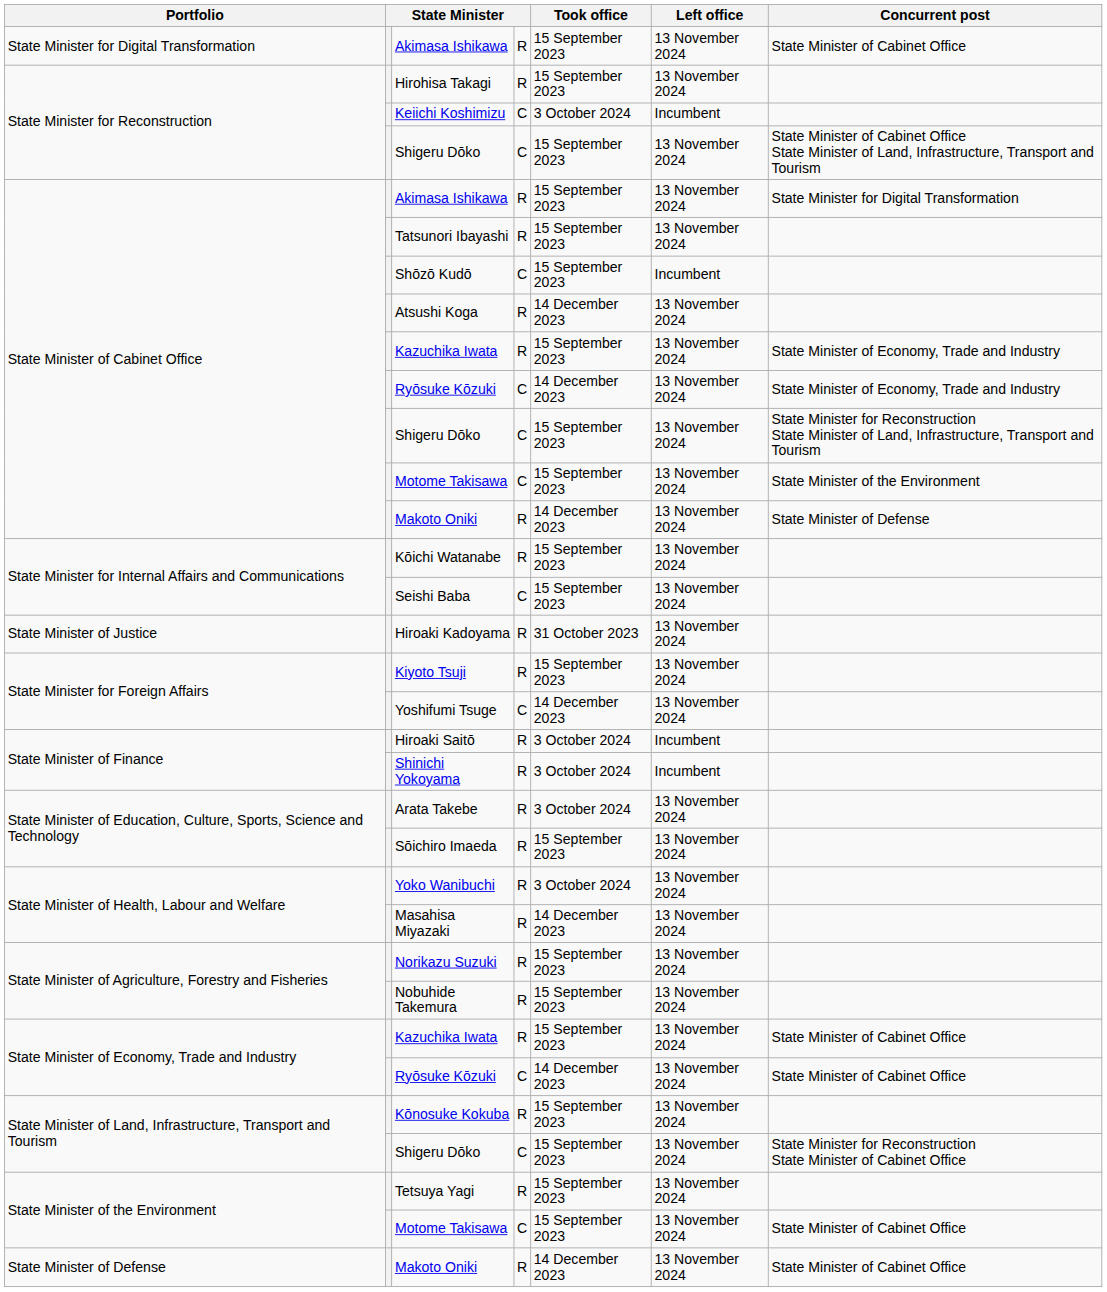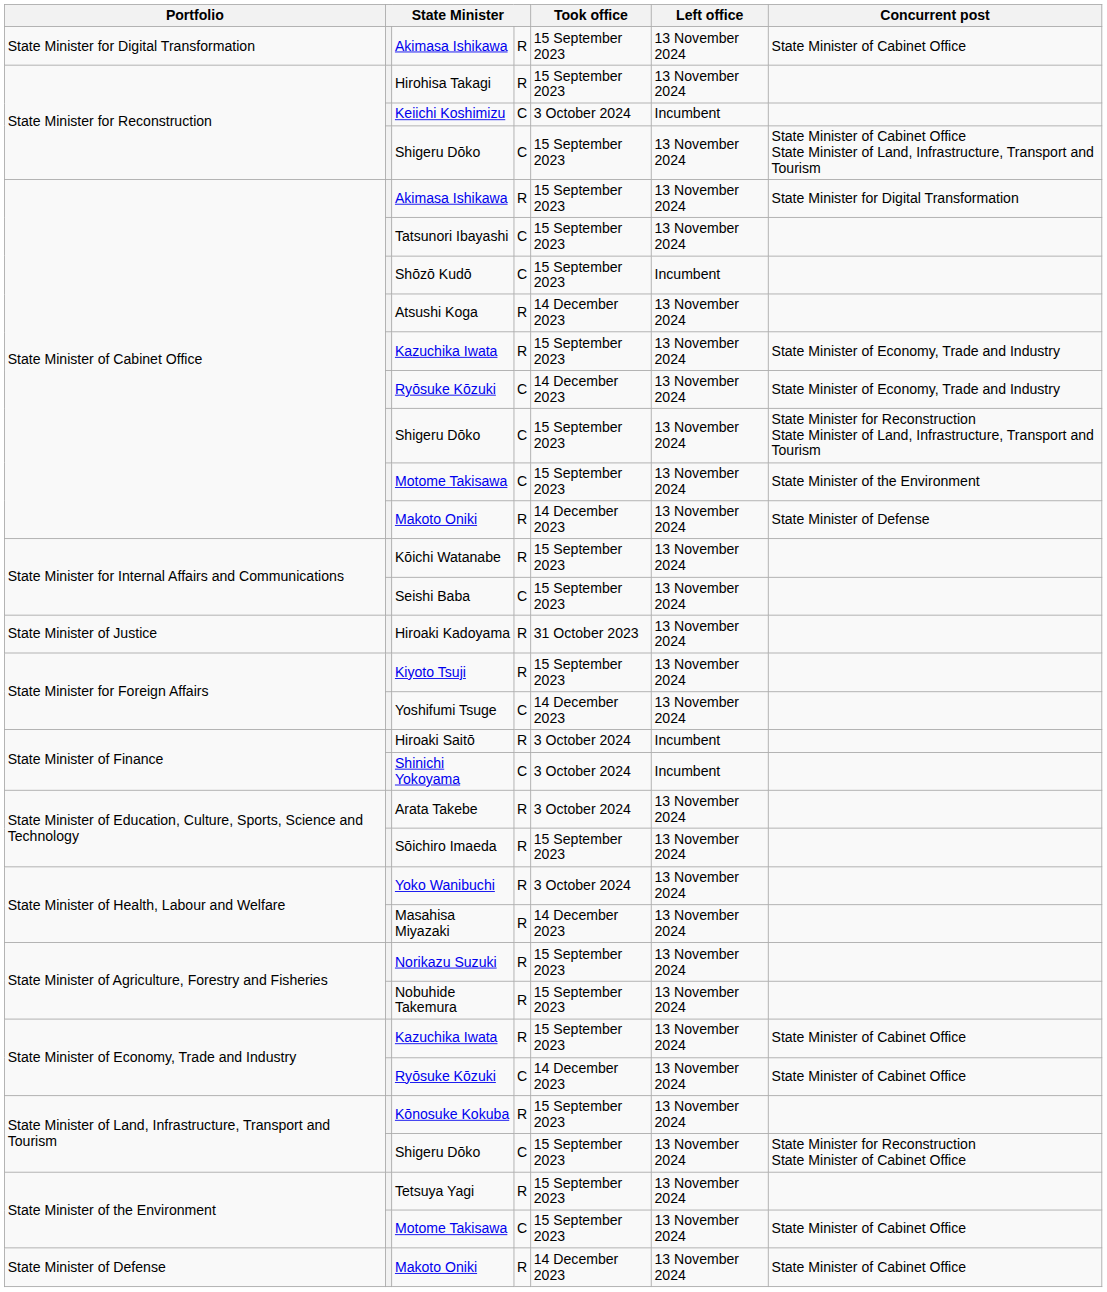 <table class="wikitable">
 <tr>
 <th>Portfolio</th>
 <th colspan="3">State Minister</th>
 <th>Took office</th>
 <th>Left office</th>
 <th>Concurrent post</th>
 </tr>
 <tr>
 <td>State Minister for Digital Transformation</td>
 <th style="color:inherit;background-color: "></th>
 <td><a href='#'>Akimasa Ishikawa</a></td>
 <td>R</td>
 <td>15 September 2023</td>
 <td>13 November 2024</td>
 <td>State Minister of Cabinet Office</td>
 </tr>
 <tr>
 <td rowspan=3>State Minister for Reconstruction</td>
 <th style="color:inherit;background-color: "></th>
 <td>Hirohisa Takagi</td>
 <td>R</td>
 <td>15 September 2023</td>
 <td>13 November 2024</td>
 <td></td>
 </tr>
 <tr>
 <th style="color:inherit;background-color: "></th>
 <td><a href='#'>Keiichi Koshimizu</a></td>
 <td>C</td>
 <td>3 October 2024</td>
 <td>Incumbent</td>
 <td></td>
 </tr>
 <tr>
 <th style="color:inherit;background-color: "></th>
 <td>Shigeru Dōko</td>
 <td>C</td>
 <td>15 September 2023</td>
 <td>13 November 2024</td>
 <td>State Minister of Cabinet Office<br>State Minister of Land, Infrastructure, Transport and Tourism</td>
 </tr>
 <tr>
 <td rowspan=9>State Minister of Cabinet Office</td>
 <th style="color:inherit;background-color: "></th>
 <td><a href='#'>Akimasa Ishikawa</a></td>
 <td>R</td>
 <td>15 September 2023</td>
 <td>13 November 2024</td>
 <td>State Minister for Digital Transformation</td>
 </tr>
 <tr>
 <th style="color:inherit;background-color: "></th>
 <td>Tatsunori Ibayashi</td>
-<td>R</td>
+<td>C</td>
 <td>15 September 2023</td>
 <td>13 November 2024</td>
 <td></td>
 </tr>
 <tr>
 <th style="color:inherit;background-color: "></th>
 <td>Shōzō Kudō</td>
 <td>C</td>
 <td>15 September 2023</td>
 <td>Incumbent</td>
 <td></td>
 </tr>
 <tr>
 <th style="color:inherit;background-color: "></th>
 <td>Atsushi Koga</td>
 <td>R</td>
 <td>14 December 2023</td>
 <td>13 November 2024</td>
 <td></td>
 </tr>
 <tr>
 <th style="color:inherit;background-color: "></th>
 <td><a href='#'>Kazuchika Iwata</a></td>
 <td>R</td>
 <td>15 September 2023</td>
 <td>13 November 2024</td>
 <td>State Minister of Economy, Trade and Industry</td>
 </tr>
 <tr>
 <th style="color:inherit;background-color: "></th>
 <td><a href='#'>Ryōsuke Kōzuki</a></td>
 <td>C</td>
 <td>14 December 2023</td>
 <td>13 November 2024</td>
 <td>State Minister of Economy, Trade and Industry</td>
 </tr>
 <tr>
 <th style="color:inherit;background-color: "></th>
 <td>Shigeru Dōko</td>
 <td>C</td>
 <td>15 September 2023</td>
 <td>13 November 2024</td>
 <td>State Minister for Reconstruction<br>State Minister of Land, Infrastructure, Transport and Tourism</td>
 </tr>
 <tr>
 <th style="color:inherit;background-color: "></th>
 <td><a href='#'>Motome Takisawa</a></td>
 <td>C</td>
 <td>15 September 2023</td>
 <td>13 November 2024</td>
 <td>State Minister of the Environment</td>
 </tr>
 <tr>
 <th style="color:inherit;background-color: "></th>
 <td><a href='#'>Makoto Oniki</a></td>
 <td>R</td>
 <td>14 December 2023</td>
 <td>13 November 2024</td>
 <td>State Minister of Defense</td>
 </tr>
 <tr>
 <td rowspan=2>State Minister for Internal Affairs and Communications</td>
 <th style="color:inherit;background-color: "></th>
 <td>Kōichi Watanabe</td>
 <td>R</td>
 <td>15 September 2023</td>
 <td>13 November 2024</td>
 <td></td>
 </tr>
 <tr>
 <th style="color:inherit;background-color: "></th>
 <td>Seishi Baba</td>
 <td>C</td>
 <td>15 September 2023</td>
 <td>13 November 2024</td>
 <td></td>
 </tr>
 <tr>
 <td>State Minister of Justice</td>
 <th style="color:inherit;background-color: "></th>
 <td>Hiroaki Kadoyama</td>
 <td>R</td>
 <td>31 October 2023</td>
 <td>13 November 2024</td>
 <td></td>
 </tr>
 <tr>
 <td rowspan=2>State Minister for Foreign Affairs</td>
 <th style="color:inherit;background-color: "></th>
 <td><a href='#'>Kiyoto Tsuji</a></td>
 <td>R</td>
 <td>15 September 2023</td>
 <td>13 November 2024</td>
 <td></td>
 </tr>
 <tr>
 <th style="color:inherit;background-color: "></th>
 <td>Yoshifumi Tsuge</td>
 <td>C</td>
 <td>14 December 2023</td>
 <td>13 November 2024</td>
 <td></td>
 </tr>
 <tr>
 <td rowspan=2>State Minister of Finance</td>
 <th style="color:inherit;background-color: "></th>
 <td>Hiroaki Saitō</td>
 <td>R</td>
 <td>3 October 2024</td>
 <td>Incumbent</td>
 <td></td>
 </tr>
 <tr>
 <th style="color:inherit;background-color: "></th>
 <td><a href='#'>Shinichi Yokoyama</a></td>
-<td>R</td>
+<td>C</td>
 <td>3 October 2024</td>
 <td>Incumbent</td>
 <td></td>
 </tr>
 <tr>
 <td rowspan=2>State Minister of Education, Culture, Sports, Science and Technology</td>
 <th style="color:inherit;background-color: "></th>
 <td>Arata Takebe</td>
 <td>R</td>
 <td>3 October 2024</td>
 <td>13 November 2024</td>
 <td></td>
 </tr>
 <tr>
 <th style="color:inherit;background-color: "></th>
 <td>Sōichiro Imaeda</td>
 <td>R</td>
 <td>15 September 2023</td>
 <td>13 November 2024</td>
 <td></td>
 </tr>
 <tr>
 <td rowspan=2>State Minister of Health, Labour and Welfare</td>
 <th style="color:inherit;background-color: "></th>
 <td><a href='#'>Yoko Wanibuchi</a></td>
 <td>R</td>
 <td>3 October 2024</td>
 <td>13 November 2024</td>
 <td></td>
 </tr>
 <tr>
 <th style="color:inherit;background-color: "></th>
 <td>Masahisa Miyazaki</td>
 <td>R</td>
 <td>14 December 2023</td>
 <td>13 November 2024</td>
 <td></td>
 </tr>
 <tr>
 <td rowspan=2>State Minister of Agriculture, Forestry and Fisheries</td>
 <th style="color:inherit;background-color: "></th>
 <td><a href='#'>Norikazu Suzuki</a></td>
 <td>R</td>
 <td>15 September 2023</td>
 <td>13 November 2024</td>
 <td></td>
 </tr>
 <tr>
 <th style="color:inherit;background-color: "></th>
 <td>Nobuhide Takemura</td>
 <td>R</td>
 <td>15 September 2023</td>
 <td>13 November 2024</td>
 <td></td>
 </tr>
 <tr>
 <td rowspan=2>State Minister of Economy, Trade and Industry</td>
 <th style="color:inherit;background-color: "></th>
 <td><a href='#'>Kazuchika Iwata</a></td>
 <td>R</td>
 <td>15 September 2023</td>
 <td>13 November 2024</td>
 <td>State Minister of Cabinet Office</td>
 </tr>
 <tr>
 <th style="color:inherit;background-color: "></th>
 <td><a href='#'>Ryōsuke Kōzuki</a></td>
 <td>C</td>
 <td>14 December 2023</td>
 <td>13 November 2024</td>
 <td>State Minister of Cabinet Office</td>
 </tr>
 <tr>
 <td rowspan=2>State Minister of Land, Infrastructure, Transport and Tourism</td>
 <th style="color:inherit;background-color: "></th>
 <td><a href='#'>Kōnosuke Kokuba</a></td>
 <td>R</td>
 <td>15 September 2023</td>
 <td>13 November 2024</td>
 <td></td>
 </tr>
 <tr>
 <th style="color:inherit;background-color: "></th>
 <td>Shigeru Dōko</td>
 <td>C</td>
 <td>15 September 2023</td>
 <td>13 November 2024</td>
 <td>State Minister for Reconstruction<br>State Minister of Cabinet Office</td>
 </tr>
 <tr>
 <td rowspan=2>State Minister of the Environment</td>
 <th style="color:inherit;background-color: "></th>
 <td>Tetsuya Yagi</td>
 <td>R</td>
 <td>15 September 2023</td>
 <td>13 November 2024</td>
 <td></td>
 </tr>
 <tr>
 <th style="color:inherit;background-color: "></th>
 <td><a href='#'>Motome Takisawa</a></td>
 <td>C</td>
 <td>15 September 2023</td>
 <td>13 November 2024</td>
 <td>State Minister of Cabinet Office</td>
 </tr>
 <tr>
 <td>State Minister of Defense</td>
 <th style="color:inherit;background-color: "></th>
 <td><a href='#'>Makoto Oniki</a></td>
 <td>R</td>
 <td>14 December 2023</td>
 <td>13 November 2024</td>
 <td>State Minister of Cabinet Office</td>
 </tr>
 </table>
